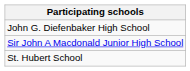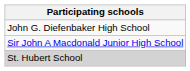 <table class="wikitable" align=right>
 <tr>
 <th>Participating schools</th>
 </tr>
 <tr>
 <td>John G. Diefenbaker High School</td>
 </tr>
 <tr>
 <td><a href='#'>Sir John A Macdonald Junior High School</a></td>
 </tr>
 <tr>
-<td>St. Hubert School</td>
+<td style="background: lightgrey;">St. Hubert School</td>
 </tr>
 </table>
